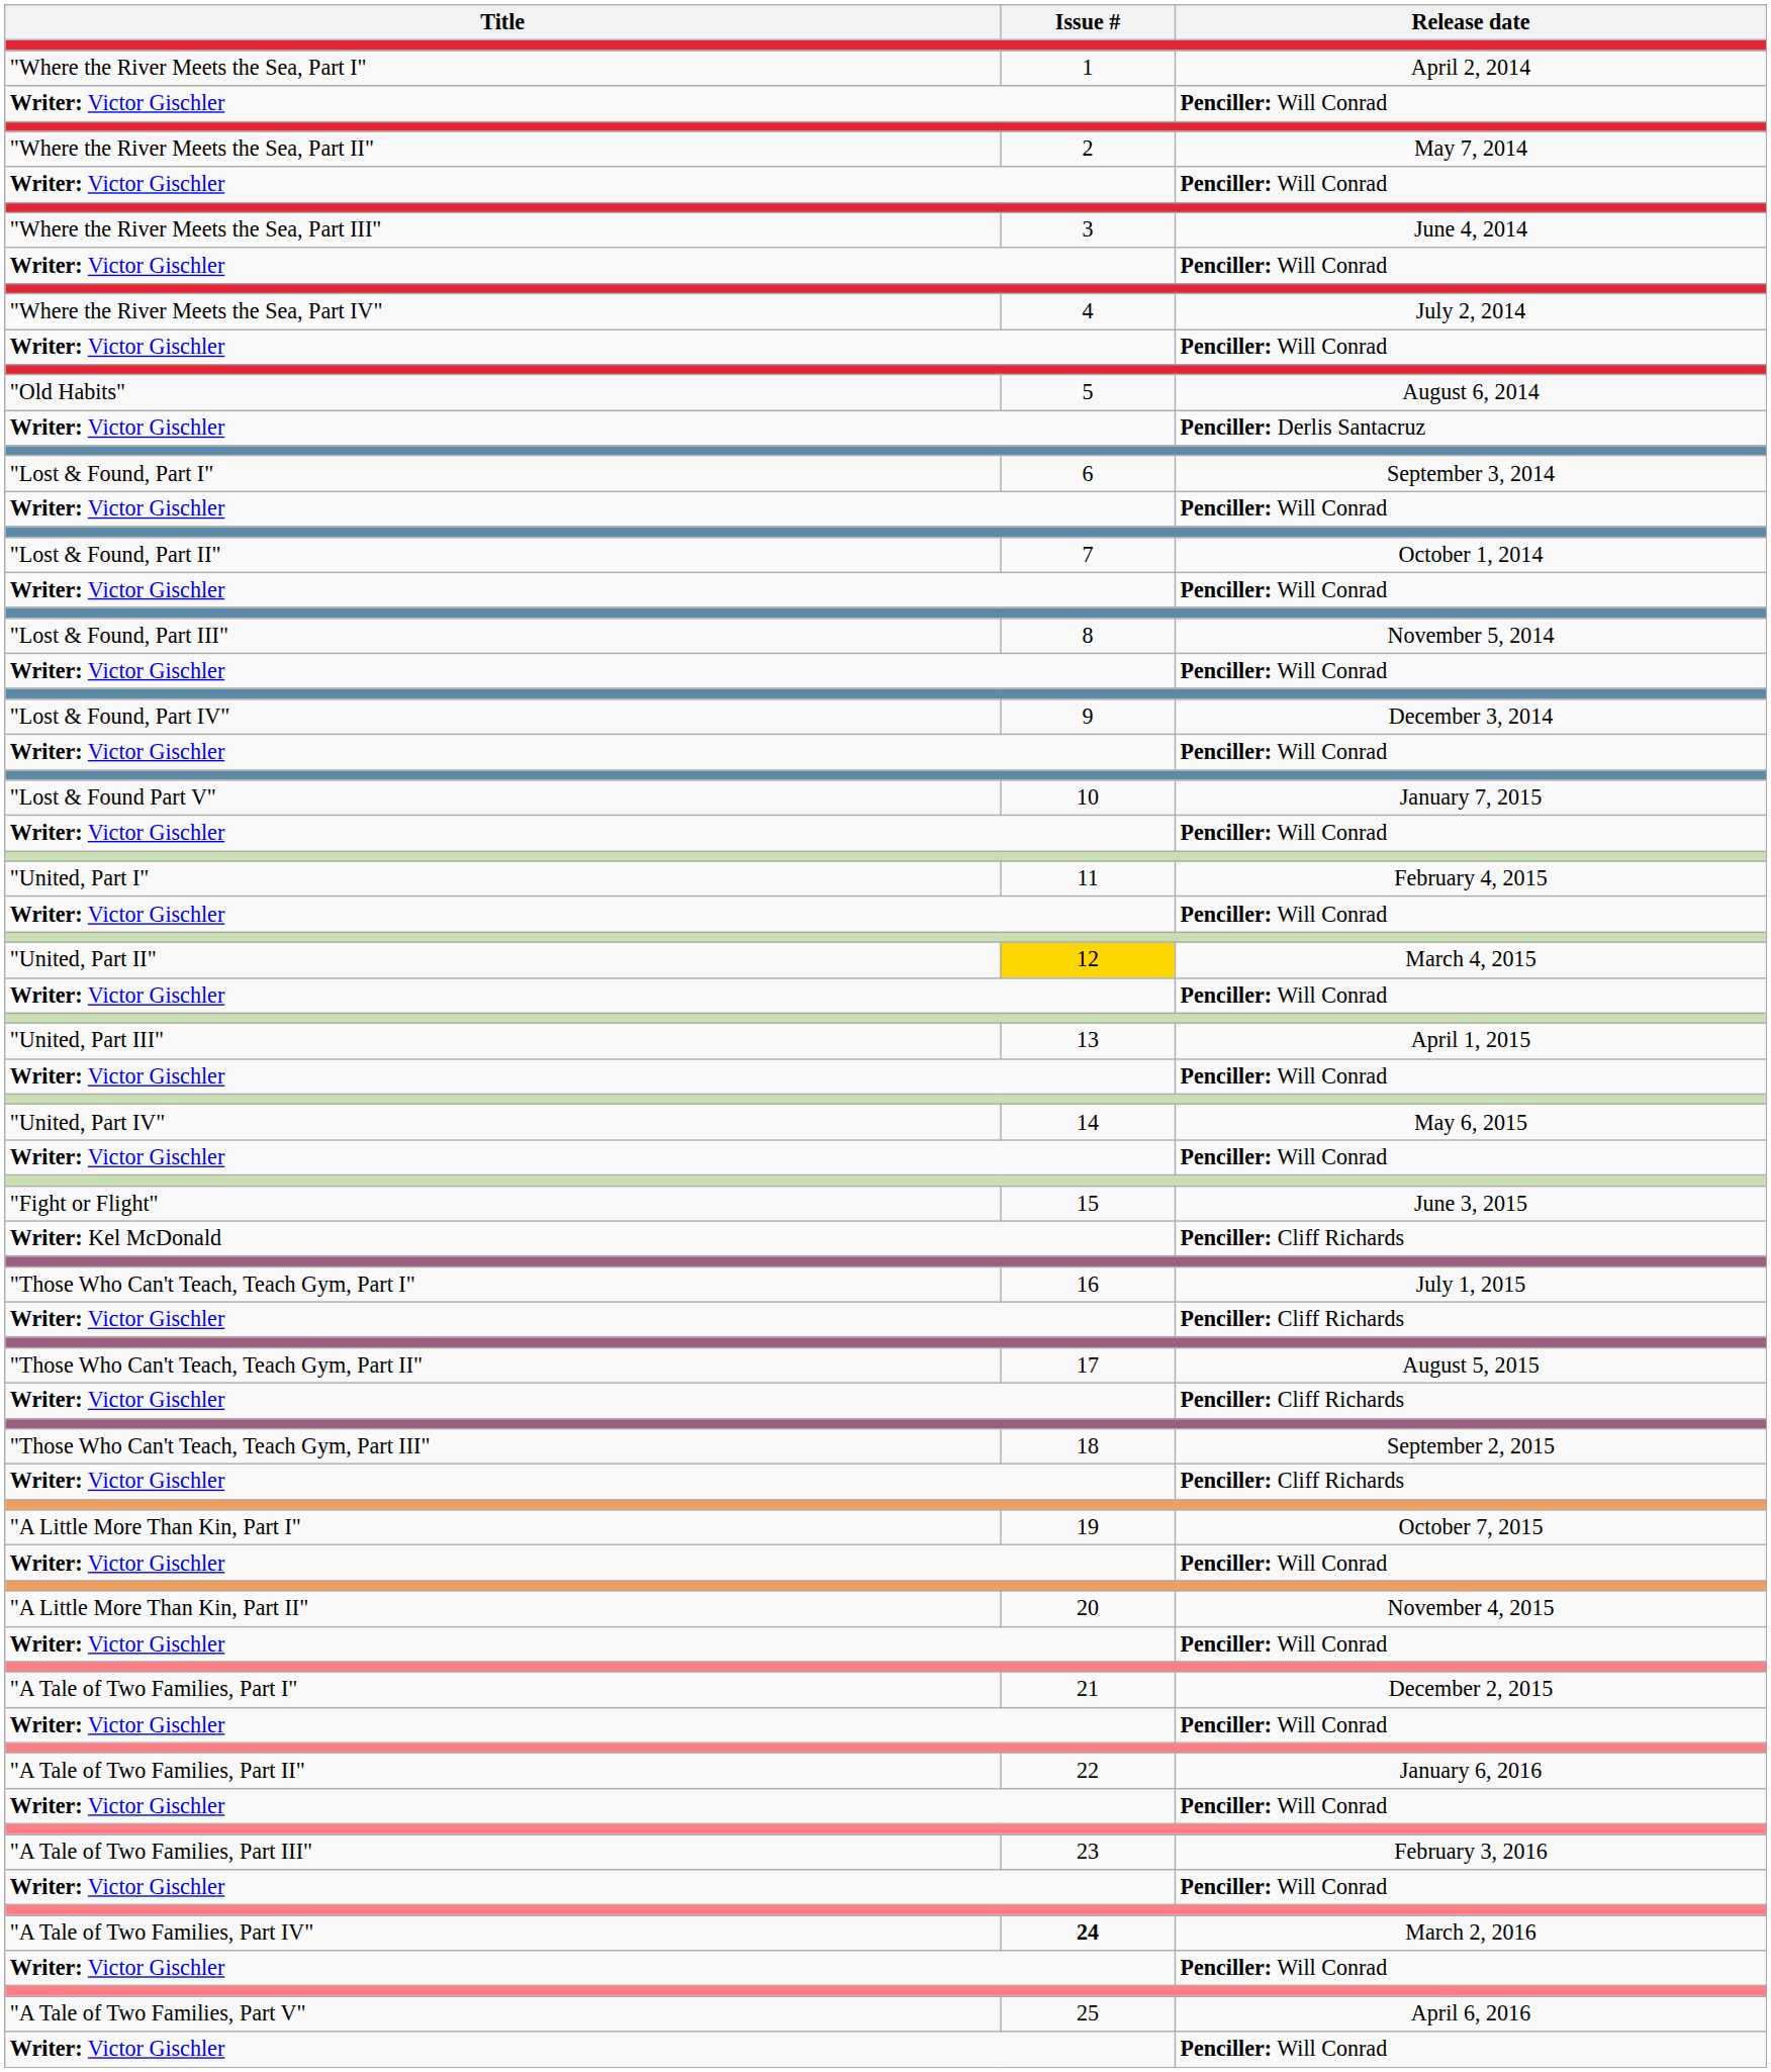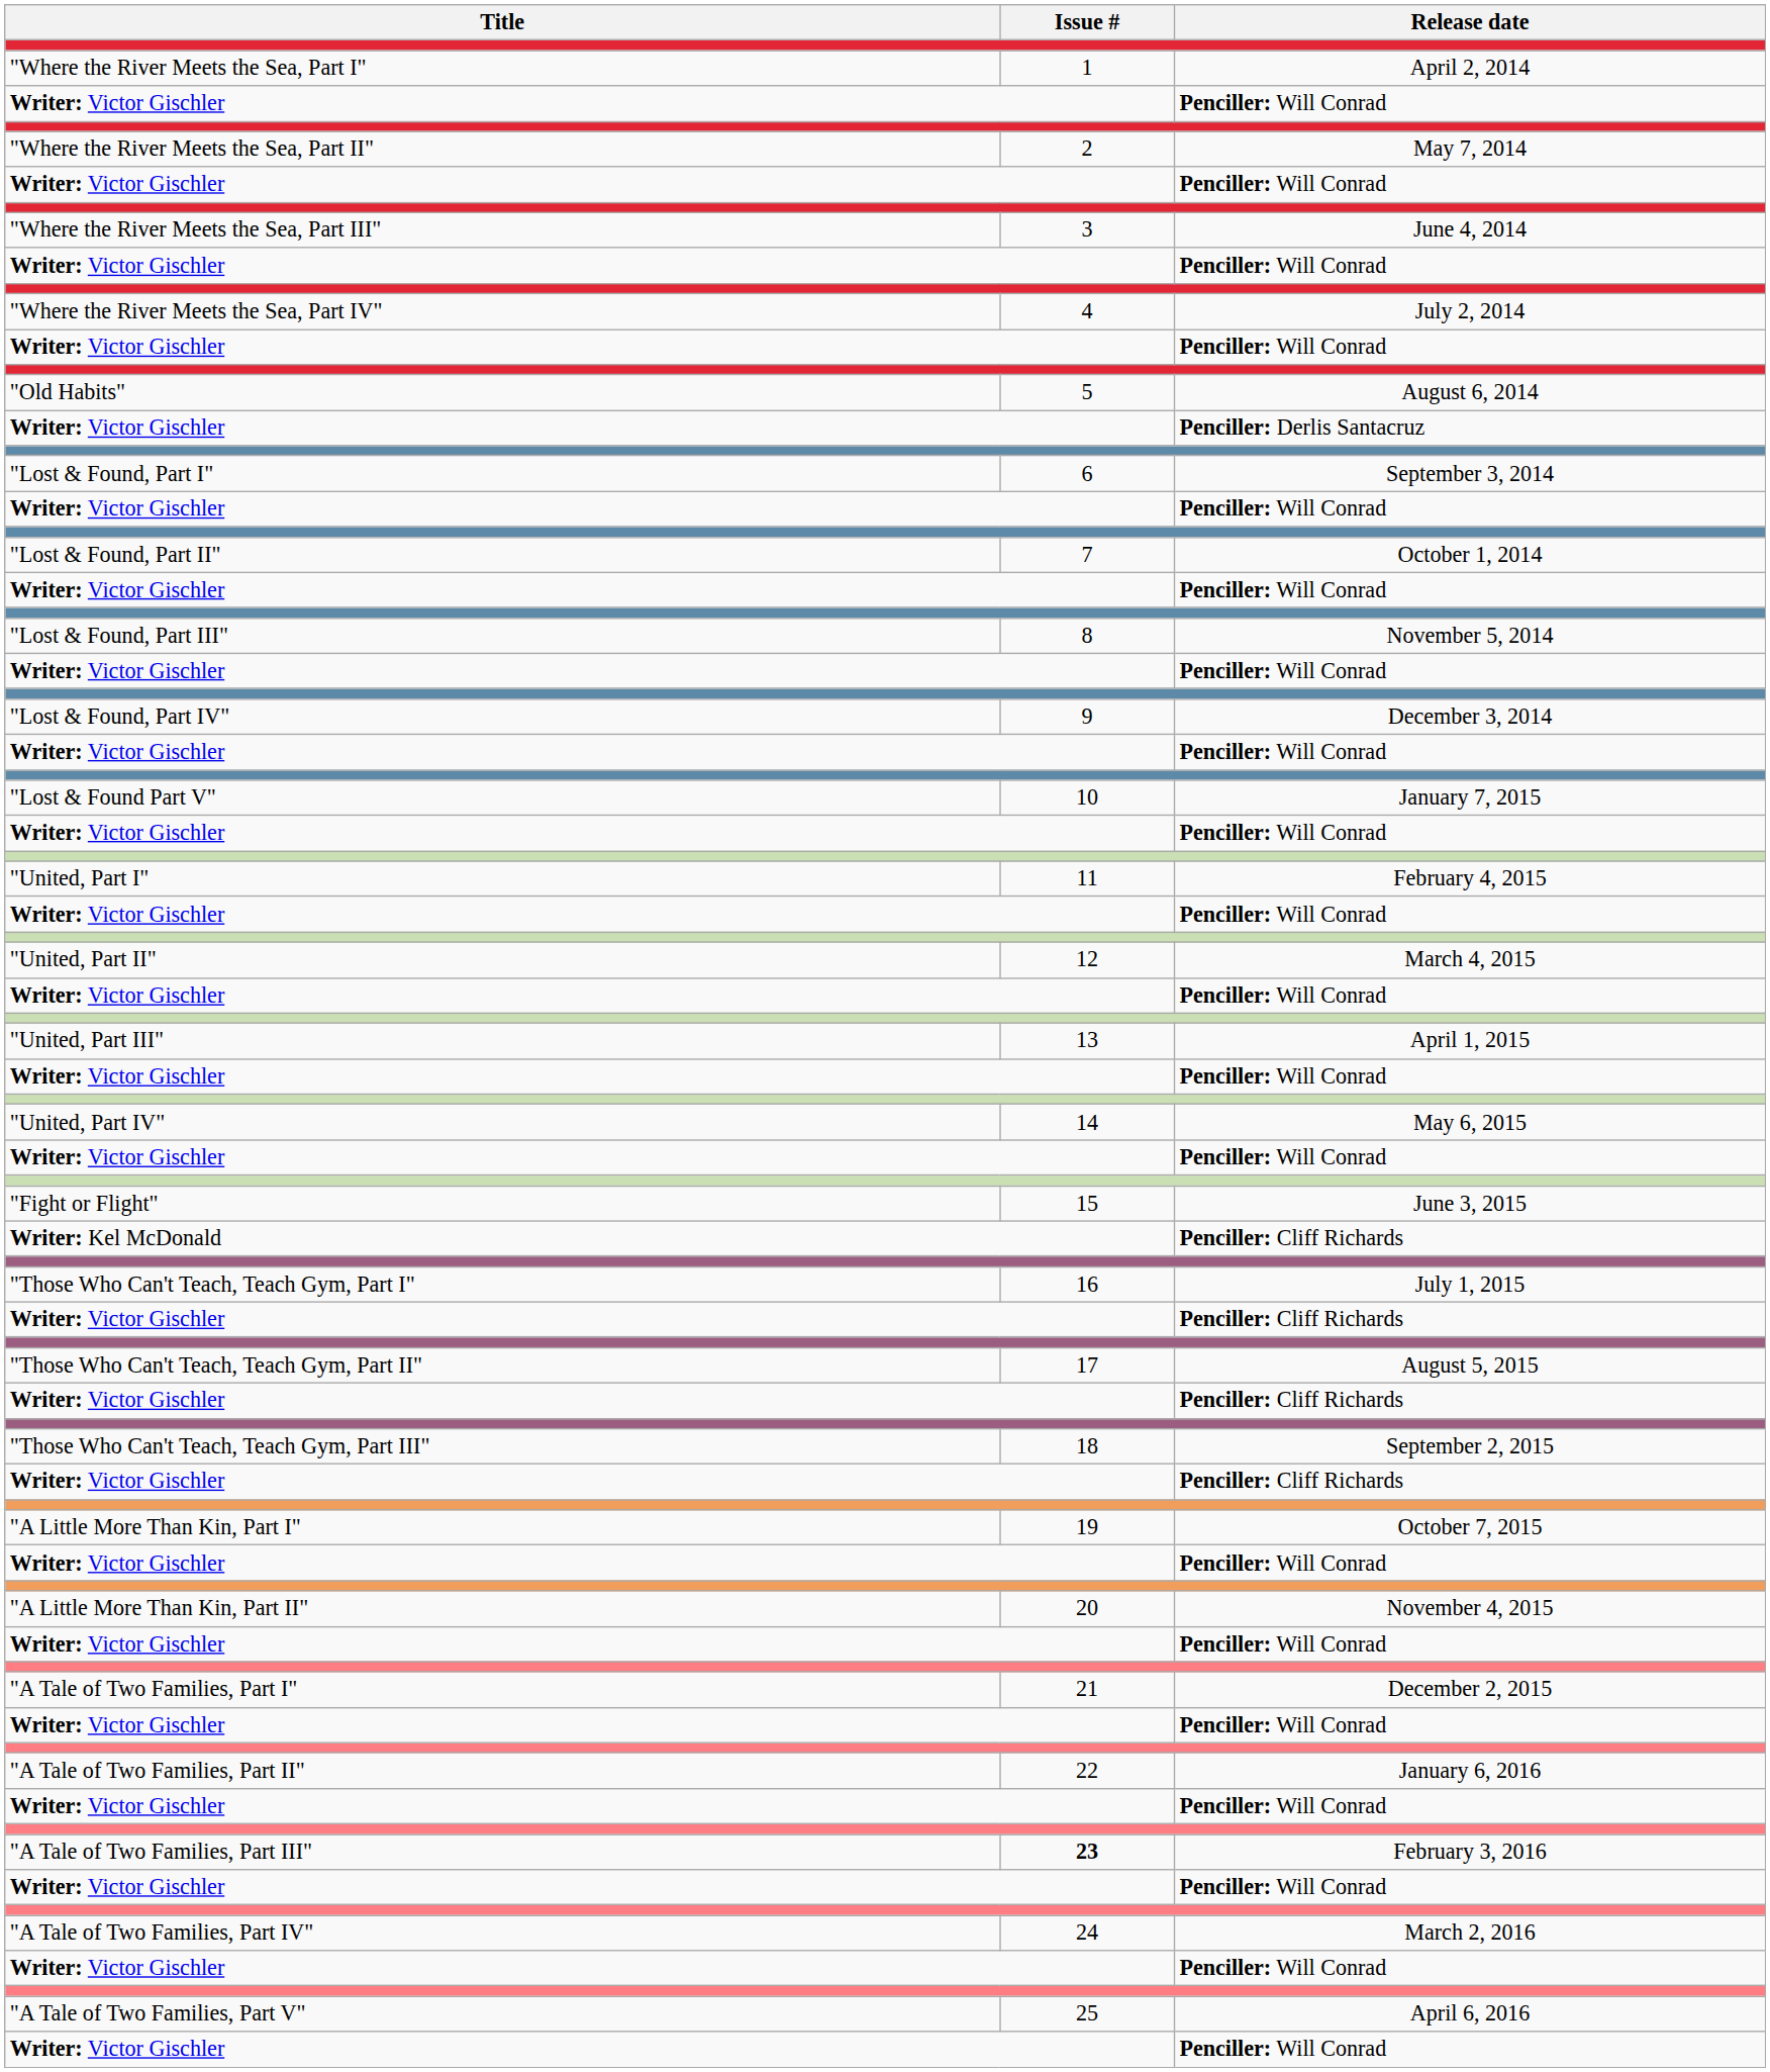 <table class="wikitable" style="width:100%;">
 <tr>
 <th>Title</th>
 <th>Issue #</th>
 <th>Release date</th>
 </tr>
 <tr>
 <td colspan="6" style="background:#e32636;"></td>
 </tr>
 <tr>
 <td>"Where the River Meets the Sea, Part I"</td>
 <td style="text-align:center;">1</td>
 <td style="text-align:center;">April 2, 2014</td>
 </tr>
 <tr>
 <td colspan="2"><strong>Writer:</strong> <a href='#'>Victor Gischler</a></td>
 <td><strong>Penciller:</strong> Will Conrad</td>
 </tr>
 <tr>
 <td colspan="6" style="background:#e32636;"></td>
 </tr>
 <tr>
 <td>"Where the River Meets the Sea, Part II"</td>
 <td style="text-align:center;">2</td>
 <td style="text-align:center;">May 7, 2014</td>
 </tr>
 <tr>
 <td colspan="2"><strong>Writer:</strong> <a href='#'>Victor Gischler</a></td>
 <td><strong>Penciller:</strong> Will Conrad</td>
 </tr>
 <tr>
 <td colspan="6" style="background:#e32636;"></td>
 </tr>
 <tr>
 <td>"Where the River Meets the Sea, Part III"</td>
 <td style="text-align:center;">3</td>
 <td style="text-align:center;">June 4, 2014</td>
 </tr>
 <tr>
 <td colspan="2"><strong>Writer:</strong> <a href='#'>Victor Gischler</a></td>
 <td><strong>Penciller:</strong> Will Conrad</td>
 </tr>
 <tr>
 <td colspan="6" style="background:#e32636;"></td>
 </tr>
 <tr>
 <td>"Where the River Meets the Sea, Part IV"</td>
 <td style="text-align:center;">4</td>
 <td style="text-align:center;">July 2, 2014</td>
 </tr>
 <tr>
 <td colspan="2"><strong>Writer:</strong> <a href='#'>Victor Gischler</a></td>
 <td><strong>Penciller:</strong> Will Conrad</td>
 </tr>
 <tr>
 <td colspan="6" style="background:#e32636;"></td>
 </tr>
 <tr>
 <td>"Old Habits"</td>
 <td style="text-align:center;">5</td>
 <td style="text-align:center;">August 6, 2014</td>
 </tr>
 <tr>
 <td colspan="2"><strong>Writer:</strong> <a href='#'>Victor Gischler</a></td>
 <td><strong>Penciller:</strong> Derlis Santacruz</td>
 </tr>
 <tr>
 <td colspan="6" style="background:#5d8aa8;"></td>
 </tr>
 <tr>
 <td>"Lost & Found, Part I"</td>
 <td style="text-align:center;">6</td>
 <td style="text-align:center;">September 3, 2014</td>
 </tr>
 <tr>
 <td colspan="2"><strong>Writer:</strong> <a href='#'>Victor Gischler</a></td>
 <td><strong>Penciller:</strong> Will Conrad</td>
 </tr>
 <tr>
 <td colspan="6" style="background:#5d8aa8;"></td>
 </tr>
 <tr>
 <td>"Lost & Found, Part II"</td>
 <td style="text-align:center;">7</td>
 <td style="text-align:center;">October 1, 2014</td>
 </tr>
 <tr>
 <td colspan="2"><strong>Writer:</strong> <a href='#'>Victor Gischler</a></td>
 <td><strong>Penciller:</strong> Will Conrad</td>
 </tr>
 <tr>
 <td colspan="6" style="background:#5d8aa8;"></td>
 </tr>
 <tr>
 <td>"Lost & Found, Part III"</td>
 <td style="text-align:center;">8</td>
 <td style="text-align:center;">November 5, 2014</td>
 </tr>
 <tr>
 <td colspan="2"><strong>Writer:</strong> <a href='#'>Victor Gischler</a></td>
 <td><strong>Penciller:</strong> Will Conrad</td>
 </tr>
 <tr>
 <td colspan="6" style="background:#5d8aa8;"></td>
 </tr>
 <tr>
 <td>"Lost & Found, Part IV"</td>
 <td style="text-align:center;">9</td>
 <td style="text-align:center;">December 3, 2014</td>
 </tr>
 <tr>
 <td colspan="2"><strong>Writer:</strong> <a href='#'>Victor Gischler</a></td>
 <td><strong>Penciller:</strong> Will Conrad</td>
 </tr>
 <tr>
 <td colspan="6" style="background:#5d8aa8;"></td>
 </tr>
 <tr>
 <td>"Lost & Found Part V"</td>
 <td style="text-align:center;">10</td>
 <td style="text-align:center;">January 7, 2015</td>
 </tr>
 <tr>
 <td colspan="2"><strong>Writer:</strong> <a href='#'>Victor Gischler</a></td>
 <td><strong>Penciller:</strong> Will Conrad</td>
 </tr>
 <tr>
 <td colspan="6" style="background:#cadfb4;"></td>
 </tr>
 <tr>
 <td>"United, Part I"</td>
 <td style="text-align:center;">11</td>
 <td style="text-align:center;">February 4, 2015</td>
 </tr>
 <tr>
 <td colspan="2"><strong>Writer:</strong> <a href='#'>Victor Gischler</a></td>
 <td><strong>Penciller:</strong> Will Conrad</td>
 </tr>
 <tr>
 <td colspan="6" style="background:#cadfb4;"></td>
 </tr>
 <tr>
 <td>"United, Part II"</td>
-<td style="background: gold; text-align:center;">12</td>
+<td style="text-align:center;">12</td>
 <td style="text-align:center;">March 4, 2015</td>
 </tr>
 <tr>
 <td colspan="2"><strong>Writer:</strong> <a href='#'>Victor Gischler</a></td>
 <td><strong>Penciller:</strong> Will Conrad</td>
 </tr>
 <tr>
 <td colspan="6" style="background:#cadfb4;"></td>
 </tr>
 <tr>
 <td>"United, Part III"</td>
 <td style="text-align:center;">13</td>
 <td style="text-align:center;">April 1, 2015</td>
 </tr>
 <tr>
 <td colspan="2"><strong>Writer:</strong> <a href='#'>Victor Gischler</a></td>
 <td><strong>Penciller:</strong> Will Conrad</td>
 </tr>
 <tr>
 <td colspan="6" style="background:#cadfb4;"></td>
 </tr>
 <tr>
 <td>"United, Part IV"</td>
 <td style="text-align:center;">14</td>
 <td style="text-align:center;">May 6, 2015</td>
 </tr>
 <tr>
 <td colspan="2"><strong>Writer:</strong> <a href='#'>Victor Gischler</a></td>
 <td><strong>Penciller:</strong> Will Conrad</td>
 </tr>
 <tr>
 <td colspan="6" style="background:#cadfb4;"></td>
 </tr>
 <tr>
 <td>"Fight or Flight"</td>
 <td style="text-align:center;">15</td>
 <td style="text-align:center;">June 3, 2015</td>
 </tr>
 <tr>
 <td colspan="2"><strong>Writer:</strong> Kel McDonald</td>
 <td><strong>Penciller:</strong> Cliff Richards</td>
 </tr>
 <tr>
 <td colspan="6" style="background:#9b5e81;"></td>
 </tr>
 <tr>
 <td>"Those Who Can't Teach, Teach Gym, Part I"</td>
 <td style="text-align:center;">16</td>
 <td style="text-align:center;">July 1, 2015</td>
 </tr>
 <tr>
 <td colspan="2"><strong>Writer:</strong> <a href='#'>Victor Gischler</a></td>
 <td><strong>Penciller:</strong> Cliff Richards</td>
 </tr>
 <tr>
 <td colspan="6" style="background:#9b5e81;"></td>
 </tr>
 <tr>
 <td>"Those Who Can't Teach, Teach Gym, Part II"</td>
 <td style="text-align:center;">17</td>
 <td style="text-align:center;">August 5, 2015</td>
 </tr>
 <tr>
 <td colspan="2"><strong>Writer:</strong> <a href='#'>Victor Gischler</a></td>
 <td><strong>Penciller:</strong> Cliff Richards</td>
 </tr>
 <tr>
 <td colspan="6" style="background:#9b5e81;"></td>
 </tr>
 <tr>
 <td>"Those Who Can't Teach, Teach Gym, Part III"</td>
 <td style="text-align:center;">18</td>
 <td style="text-align:center;">September 2, 2015</td>
 </tr>
 <tr>
 <td colspan="2"><strong>Writer:</strong> <a href='#'>Victor Gischler</a></td>
 <td><strong>Penciller:</strong> Cliff Richards</td>
 </tr>
 <tr>
 <td colspan="6" style="background:#f19e5c;"></td>
 </tr>
 <tr>
 <td>"A Little More Than Kin, Part I"</td>
 <td style="text-align:center;">19</td>
 <td style="text-align:center;">October 7, 2015</td>
 </tr>
 <tr>
 <td colspan="2"><strong>Writer:</strong> <a href='#'>Victor Gischler</a></td>
 <td><strong>Penciller:</strong> Will Conrad</td>
 </tr>
 <tr>
 <td colspan="6" style="background:#f19e5c;"></td>
 </tr>
 <tr>
 <td>"A Little More Than Kin, Part II"</td>
 <td style="text-align:center;">20</td>
 <td style="text-align:center;">November 4, 2015</td>
 </tr>
 <tr>
 <td colspan="2"><strong>Writer:</strong> <a href='#'>Victor Gischler</a></td>
 <td><strong>Penciller:</strong>  Will Conrad</td>
 </tr>
 <tr>
 <td colspan="6" style="background:#ff7d83;"></td>
 </tr>
 <tr>
 <td>"A Tale of Two Families, Part I"</td>
 <td style="text-align:center;">21</td>
 <td style="text-align:center;">December 2, 2015</td>
 </tr>
 <tr>
 <td colspan="2"><strong>Writer:</strong> <a href='#'>Victor Gischler</a></td>
 <td><strong>Penciller:</strong>  Will Conrad</td>
 </tr>
 <tr>
 <td colspan="6" style="background:#ff7d83;"></td>
 </tr>
 <tr>
 <td>"A Tale of Two Families, Part II"</td>
 <td style="text-align:center;">22</td>
 <td style="text-align:center;">January 6, 2016</td>
 </tr>
 <tr>
 <td colspan="2"><strong>Writer:</strong> <a href='#'>Victor Gischler</a></td>
 <td><strong>Penciller:</strong> Will Conrad</td>
 </tr>
 <tr>
 <td colspan="6" style="background:#ff7d83;"></td>
 </tr>
 <tr>
 <td>"A Tale of Two Families, Part III"</td>
-<td style="text-align:center;">23</td>
+<td style="text-align:center;"><strong>23</strong></td>
 <td style="text-align:center;">February 3, 2016</td>
 </tr>
 <tr>
 <td colspan="2"><strong>Writer:</strong> <a href='#'>Victor Gischler</a></td>
 <td><strong>Penciller:</strong> Will Conrad</td>
 </tr>
 <tr>
 <td colspan="6" style="background:#ff7d83;"></td>
 </tr>
 <tr>
 <td>"A Tale of Two Families, Part IV"</td>
-<td style="text-align:center;"><strong>24</strong></td>
+<td style="text-align:center;">24</td>
 <td style="text-align:center;">March 2, 2016</td>
 </tr>
 <tr>
 <td colspan="2"><strong>Writer:</strong> <a href='#'>Victor Gischler</a></td>
 <td><strong>Penciller:</strong> Will Conrad</td>
 </tr>
 <tr>
 <td colspan="6" style="background:#ff7d83;"></td>
 </tr>
 <tr>
 <td>"A Tale of Two Families, Part V"</td>
 <td style="text-align:center;">25</td>
 <td style="text-align:center;">April 6, 2016</td>
 </tr>
 <tr>
 <td colspan="2"><strong>Writer:</strong> <a href='#'>Victor Gischler</a></td>
 <td><strong>Penciller:</strong> Will Conrad</td>
 </tr>
 </table>
